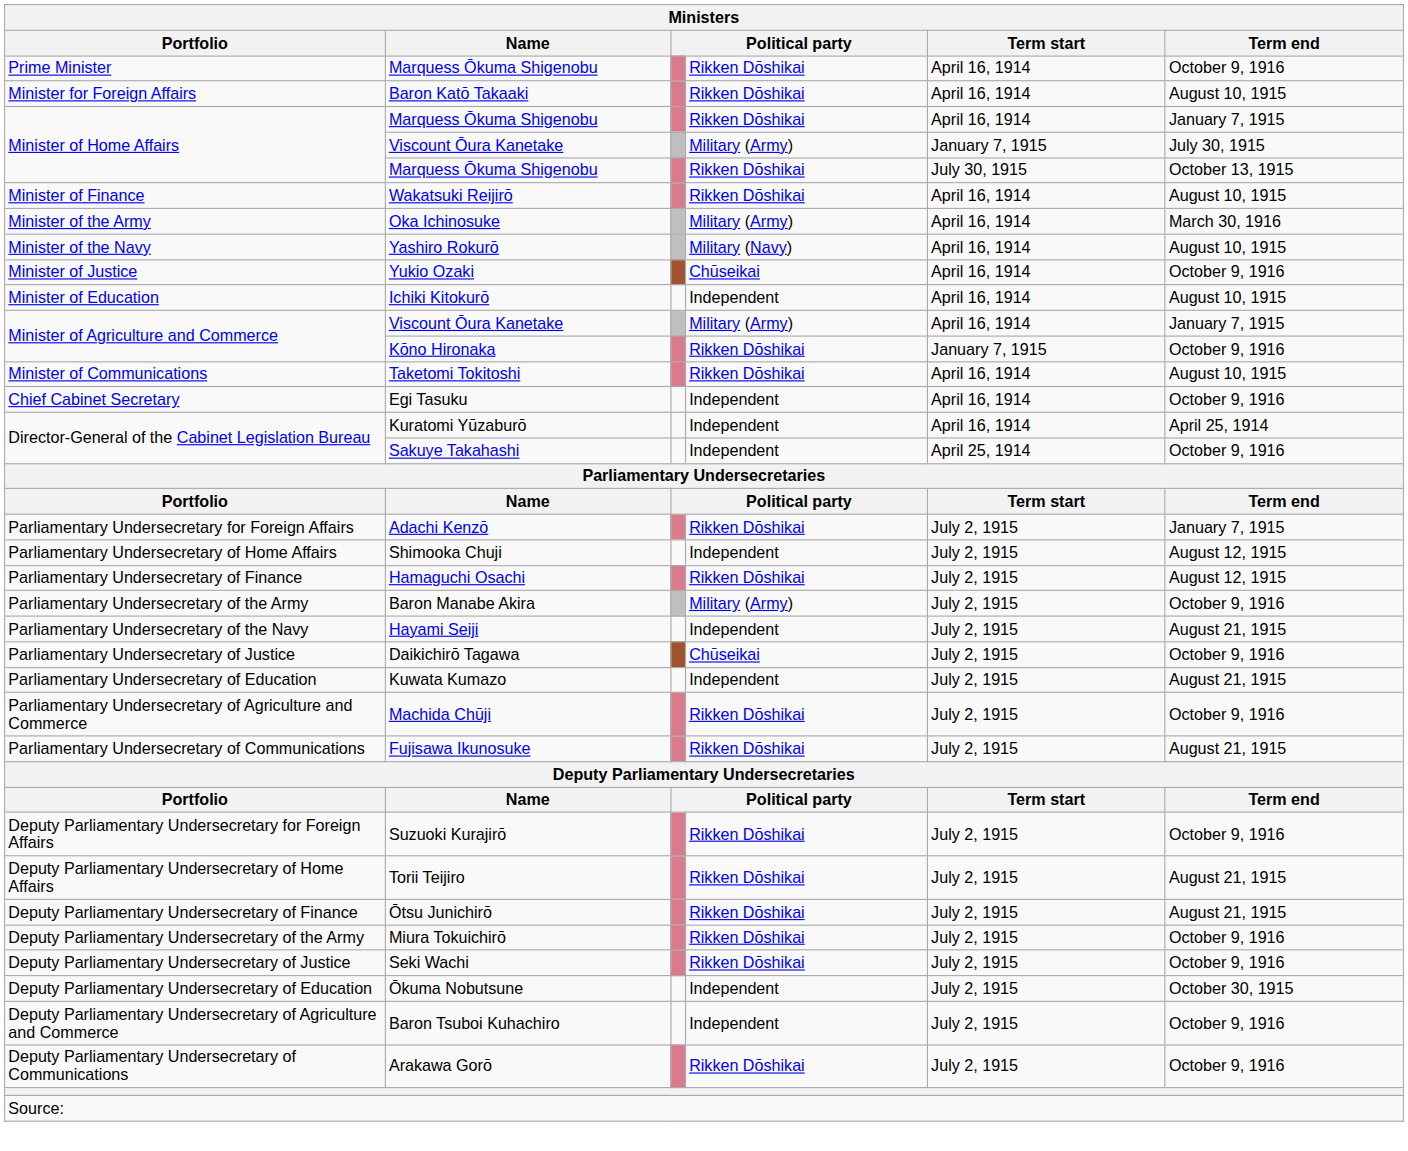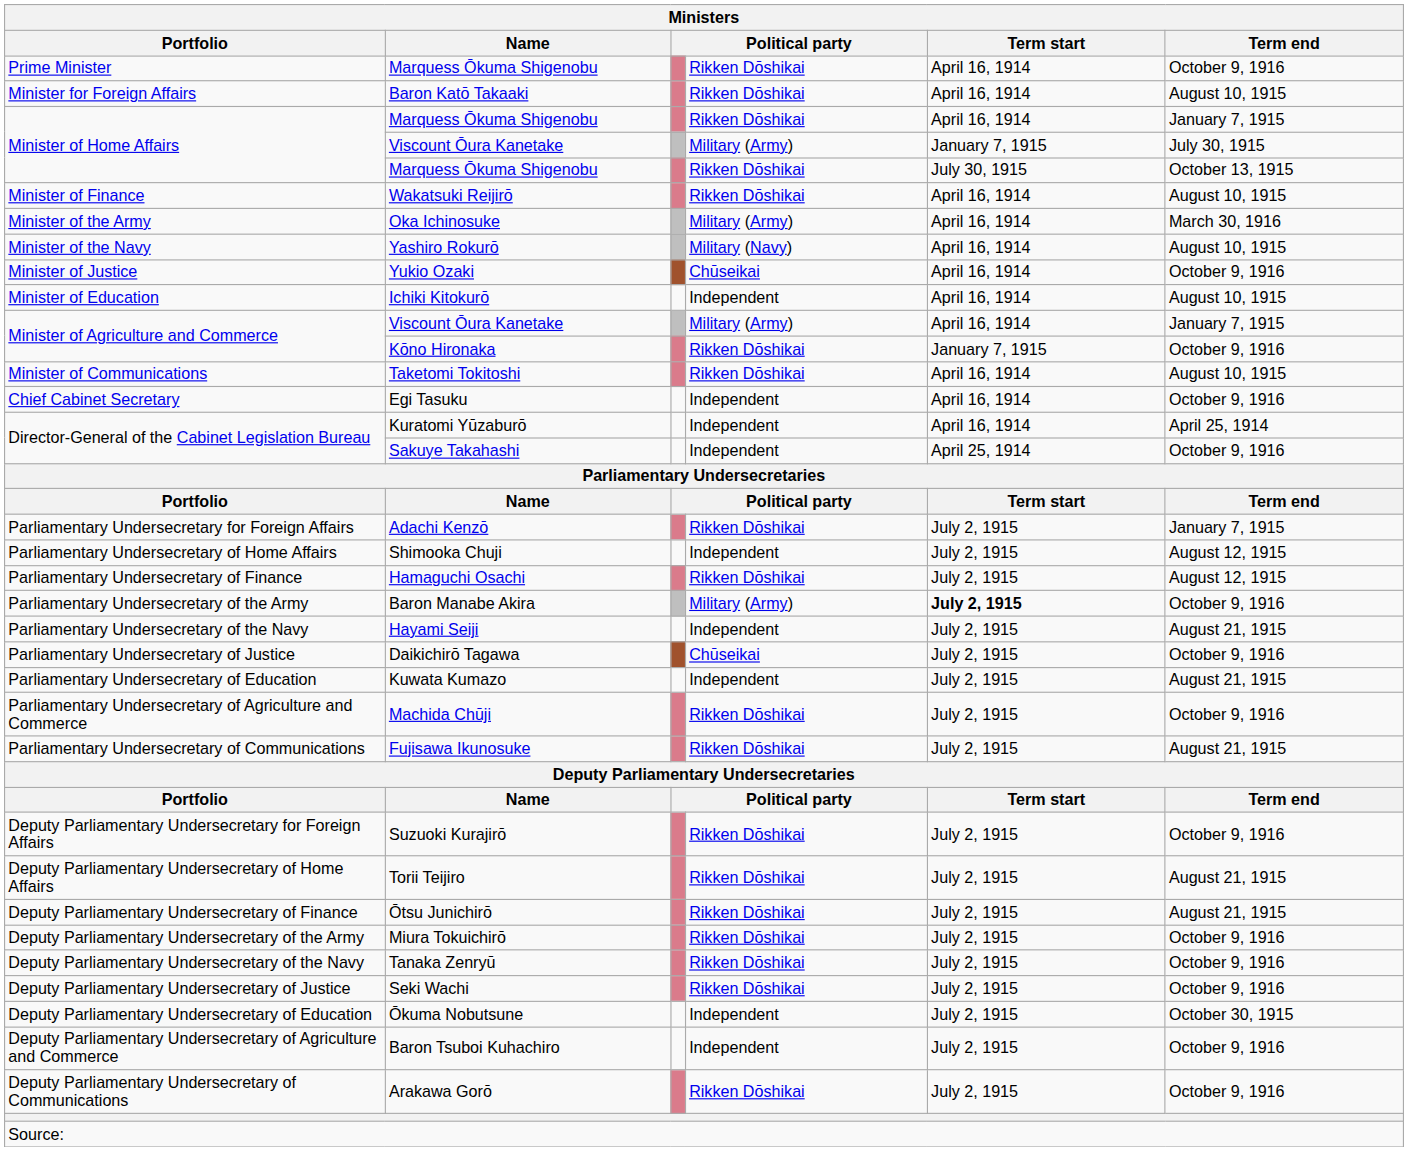 <table class="wikitable unsortable" style="font-size: 90%;">
 <tr>
 <th colspan="6">Ministers</th>
 </tr>
 <tr>
 <th scope="col" width="20%">Portfolio</th>
 <th scope="col" width="15%">Name</th>
 <th colspan="2" scope="col" width="13.5%">Political party</th>
 <th scope="col" width="12.5%">Term start</th>
 <th scope="col" width="12.5%">Term end</th>
 </tr>
 <tr>
 <td style="text-align: left;"><a href='#'>Prime Minister</a></td>
 <td><a href='#'>Marquess Ōkuma Shigenobu</a></td>
 <td style="background:#DA7B8B;"></td>
 <td><a href='#'>Rikken Dōshikai</a></td>
 <td>April 16, 1914</td>
 <td>October 9, 1916</td>
 </tr>
 <tr>
 <td><a href='#'>Minister for Foreign Affairs</a></td>
 <td><a href='#'>Baron Katō Takaaki</a></td>
 <td style="background:#DA7B8B;"></td>
 <td><a href='#'>Rikken Dōshikai</a></td>
 <td>April 16, 1914</td>
 <td>August 10, 1915</td>
 </tr>
 <tr>
 <td rowspan="3"><a href='#'>Minister of Home Affairs</a></td>
 <td><a href='#'>Marquess Ōkuma Shigenobu</a></td>
 <td style="background:#DA7B8B;"></td>
 <td><a href='#'>Rikken Dōshikai</a></td>
 <td>April 16, 1914</td>
 <td>January 7, 1915</td>
 </tr>
 <tr>
 <td><a href='#'>Viscount Ōura Kanetake</a></td>
 <td style="color:inherit;background:#bfbfbf"></td>
 <td><a href='#'>Military</a> (<a href='#'>Army</a>)</td>
 <td>January 7, 1915</td>
 <td>July 30, 1915</td>
 </tr>
 <tr>
 <td><a href='#'>Marquess Ōkuma Shigenobu</a></td>
 <td style="background:#DA7B8B;"></td>
 <td><a href='#'>Rikken Dōshikai</a></td>
 <td>July 30, 1915</td>
 <td>October 13, 1915</td>
 </tr>
 <tr>
 <td><a href='#'>Minister of Finance</a></td>
 <td><a href='#'>Wakatsuki Reijirō</a></td>
 <td style="background:#DA7B8B;"></td>
 <td><a href='#'>Rikken Dōshikai</a></td>
 <td>April 16, 1914</td>
 <td>August 10, 1915</td>
 </tr>
 <tr>
 <td><a href='#'>Minister of the Army</a></td>
 <td><a href='#'>Oka Ichinosuke</a></td>
 <td style="color:inherit;background:#bfbfbf"></td>
 <td><a href='#'>Military</a> (<a href='#'>Army</a>)</td>
 <td>April 16, 1914</td>
 <td>March 30, 1916</td>
 </tr>
 <tr>
 <td><a href='#'>Minister of the Navy</a></td>
 <td><a href='#'>Yashiro Rokurō</a></td>
 <td style="color:inherit;background:#bfbfbf"></td>
 <td><a href='#'>Military</a> (<a href='#'>Navy</a>)</td>
 <td>April 16, 1914</td>
 <td>August 10, 1915</td>
 </tr>
 <tr>
 <td><a href='#'>Minister of Justice</a></td>
 <td><a href='#'>Yukio Ozaki</a></td>
 <td style="background:#A0522D;"></td>
 <td><a href='#'>Chūseikai</a></td>
 <td>April 16, 1914</td>
 <td>October 9, 1916</td>
 </tr>
 <tr>
 <td><a href='#'>Minister of Education</a></td>
 <td><a href='#'>Ichiki Kitokurō</a></td>
 <td style="color:inherit;background:"></td>
 <td>Independent</td>
 <td>April 16, 1914</td>
 <td>August 10, 1915</td>
 </tr>
 <tr>
 <td rowspan="2"><a href='#'>Minister of Agriculture and Commerce</a></td>
 <td><a href='#'>Viscount Ōura Kanetake</a></td>
 <td style="color:inherit;background:#bfbfbf"></td>
 <td><a href='#'>Military</a> (<a href='#'>Army</a>)</td>
 <td>April 16, 1914</td>
 <td>January 7, 1915</td>
 </tr>
 <tr>
 <td><a href='#'>Kōno Hironaka</a></td>
 <td style="background:#DA7B8B;"></td>
 <td><a href='#'>Rikken Dōshikai</a></td>
 <td>January 7, 1915</td>
 <td>October 9, 1916</td>
 </tr>
 <tr>
 <td><a href='#'>Minister of Communications</a></td>
 <td><a href='#'>Taketomi Tokitoshi</a></td>
 <td style="background:#DA7B8B;"></td>
 <td><a href='#'>Rikken Dōshikai</a></td>
 <td>April 16, 1914</td>
 <td>August 10, 1915</td>
 </tr>
 <tr>
 <td><a href='#'>Chief Cabinet Secretary</a></td>
 <td>Egi Tasuku</td>
 <td style="color:inherit;background:"></td>
 <td>Independent</td>
 <td>April 16, 1914</td>
 <td>October 9, 1916</td>
 </tr>
 <tr>
 <td rowspan="2">Director-General of the <a href='#'>Cabinet Legislation Bureau</a></td>
 <td>Kuratomi Yūzaburō</td>
 <td style="color:inherit;background:"></td>
 <td>Independent</td>
 <td>April 16, 1914</td>
 <td>April 25, 1914</td>
 </tr>
 <tr>
 <td><a href='#'>Sakuye Takahashi</a></td>
 <td style="color:inherit;background:"></td>
 <td>Independent</td>
 <td>April 25, 1914</td>
 <td>October 9, 1916</td>
 </tr>
 <tr>
 <th colspan="6">Parliamentary Undersecretaries</th>
 </tr>
 <tr>
 <th>Portfolio</th>
 <th>Name</th>
 <th colspan="2">Political party</th>
 <th>Term start</th>
 <th>Term end</th>
 </tr>
 <tr>
 <td>Parliamentary Undersecretary for Foreign Affairs</td>
 <td><a href='#'>Adachi Kenzō</a></td>
 <td style="background:#DA7B8B;"></td>
 <td><a href='#'>Rikken Dōshikai</a></td>
 <td>July 2, 1915</td>
 <td>January 7, 1915</td>
 </tr>
 <tr>
 <td>Parliamentary Undersecretary of Home Affairs</td>
 <td>Shimooka Chuji</td>
 <td style="color:inherit;background:"></td>
 <td>Independent</td>
 <td>July 2, 1915</td>
 <td>August 12, 1915</td>
 </tr>
 <tr>
 <td>Parliamentary Undersecretary of Finance</td>
 <td><a href='#'>Hamaguchi Osachi</a></td>
 <td style="background:#DA7B8B;"></td>
 <td><a href='#'>Rikken Dōshikai</a></td>
 <td>July 2, 1915</td>
 <td>August 12, 1915</td>
 </tr>
 <tr>
 <td>Parliamentary Undersecretary of the Army</td>
 <td>Baron Manabe Akira</td>
 <td style="color:inherit;background:#bfbfbf"></td>
 <td><a href='#'>Military</a> (<a href='#'>Army</a>)</td>
-<td>July 2, 1915</td>
+<td><strong>July 2, 1915</strong></td>
 <td>October 9, 1916</td>
 </tr>
 <tr>
 <td>Parliamentary Undersecretary of the Navy</td>
 <td><a href='#'>Hayami Seiji</a></td>
 <td style="color:inherit;background:"></td>
 <td>Independent</td>
 <td>July 2, 1915</td>
 <td>August 21, 1915</td>
 </tr>
 <tr>
 <td>Parliamentary Undersecretary of Justice</td>
 <td>Daikichirō Tagawa</td>
 <td style="background:#A0522D;"></td>
 <td><a href='#'>Chūseikai</a></td>
 <td>July 2, 1915</td>
 <td>October 9, 1916</td>
 </tr>
 <tr>
 <td>Parliamentary Undersecretary of Education</td>
 <td>Kuwata Kumazo</td>
 <td style="color:inherit;background:"></td>
 <td>Independent</td>
 <td>July 2, 1915</td>
 <td>August 21, 1915</td>
 </tr>
 <tr>
 <td>Parliamentary Undersecretary of Agriculture and Commerce</td>
 <td><a href='#'>Machida Chūji</a></td>
 <td style="background:#DA7B8B;"></td>
 <td><a href='#'>Rikken Dōshikai</a></td>
 <td>July 2, 1915</td>
 <td>October 9, 1916</td>
 </tr>
 <tr>
 <td>Parliamentary Undersecretary of Communications</td>
 <td><a href='#'>Fujisawa Ikunosuke</a></td>
 <td style="background:#DA7B8B;"></td>
 <td><a href='#'>Rikken Dōshikai</a></td>
 <td>July 2, 1915</td>
 <td>August 21, 1915</td>
 </tr>
 <tr>
 <th colspan="6">Deputy Parliamentary Undersecretaries</th>
 </tr>
 <tr>
 <th>Portfolio</th>
 <th>Name</th>
 <th colspan="2">Political party</th>
 <th>Term start</th>
 <th>Term end</th>
 </tr>
 <tr>
 <td>Deputy Parliamentary Undersecretary for Foreign Affairs</td>
 <td>Suzuoki Kurajirō</td>
 <td style="background:#DA7B8B;"></td>
 <td><a href='#'>Rikken Dōshikai</a></td>
 <td>July 2, 1915</td>
 <td>October 9, 1916</td>
 </tr>
 <tr>
 <td>Deputy Parliamentary Undersecretary of Home Affairs</td>
 <td>Torii Teijiro</td>
 <td style="background:#DA7B8B;"></td>
 <td><a href='#'>Rikken Dōshikai</a></td>
 <td>July 2, 1915</td>
 <td>August 21, 1915</td>
 </tr>
 <tr>
 <td>Deputy Parliamentary Undersecretary of Finance</td>
 <td>Ōtsu Junichirō</td>
 <td style="background:#DA7B8B;"></td>
 <td><a href='#'>Rikken Dōshikai</a></td>
 <td>July 2, 1915</td>
 <td>August 21, 1915</td>
 </tr>
 <tr>
 <td>Deputy Parliamentary Undersecretary of the Army</td>
 <td>Miura Tokuichirō</td>
 <td style="background:#DA7B8B;"></td>
 <td><a href='#'>Rikken Dōshikai</a></td>
 <td>July 2, 1915</td>
 <td>October 9, 1916</td>
 </tr>
 <tr>
+<td>Deputy Parliamentary Undersecretary of the Navy</td>
+<td>Tanaka Zenryū</td>
+<td style="background:#DA7B8B;"></td>
+<td><a href='#'>Rikken Dōshikai</a></td>
+<td>July 2, 1915</td>
+<td>October 9, 1916</td>
+</tr>
+<tr>
 <td>Deputy Parliamentary Undersecretary of Justice</td>
 <td>Seki Wachi</td>
 <td style="background:#DA7B8B;"></td>
 <td><a href='#'>Rikken Dōshikai</a></td>
 <td>July 2, 1915</td>
 <td>October 9, 1916</td>
 </tr>
 <tr>
 <td>Deputy Parliamentary Undersecretary of Education</td>
 <td>Ōkuma Nobutsune</td>
 <td style="color:inherit;background:"></td>
 <td>Independent</td>
 <td>July 2, 1915</td>
 <td>October 30, 1915</td>
 </tr>
 <tr>
 <td>Deputy Parliamentary Undersecretary of Agriculture and Commerce</td>
 <td>Baron Tsuboi Kuhachiro</td>
 <td style="color:inherit;background:"></td>
 <td>Independent</td>
 <td>July 2, 1915</td>
 <td>October 9, 1916</td>
 </tr>
 <tr>
 <td>Deputy Parliamentary Undersecretary of Communications</td>
 <td>Arakawa Gorō</td>
 <td style="background:#DA7B8B;"></td>
 <td><a href='#'>Rikken Dōshikai</a></td>
 <td>July 2, 1915</td>
 <td>October 9, 1916</td>
 </tr>
 <tr>
 <th colspan="6"></th>
 </tr>
 <tr>
 <td colspan="6">Source:</td>
 </tr>
 </table>
